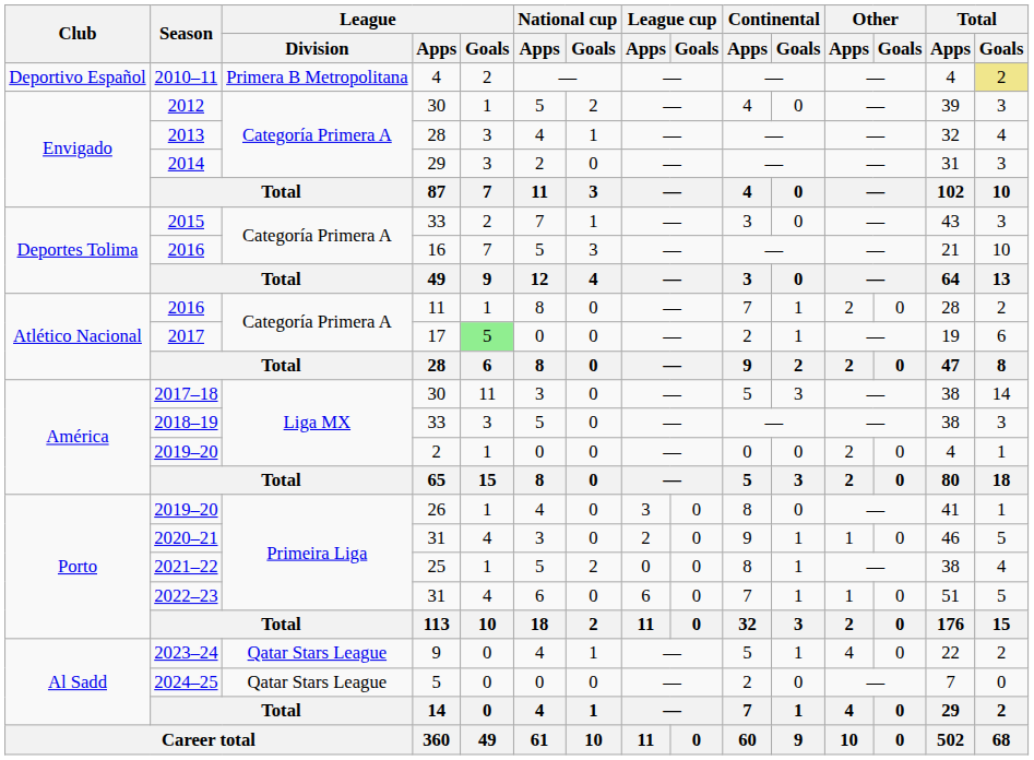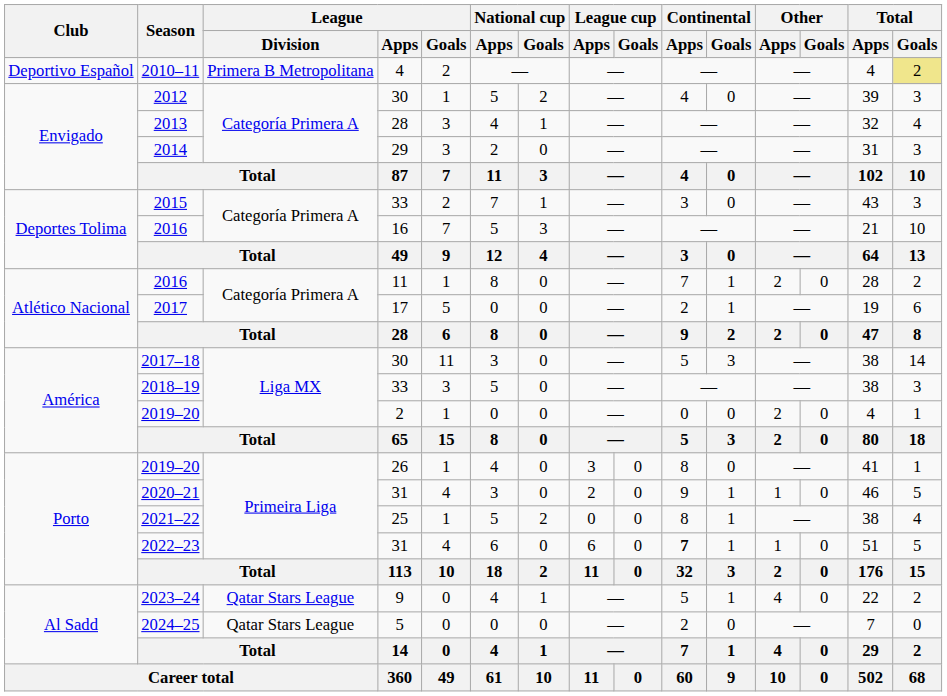 <table class="wikitable" style="text-align:center">
 <tr>
 <th rowspan="2">Club</th>
 <th rowspan="2">Season</th>
 <th colspan="3">League</th>
 <th colspan="2">National cup</th>
 <th colspan="2">League cup</th>
 <th colspan="2">Continental</th>
 <th colspan="2">Other</th>
 <th colspan="2">Total</th>
 </tr>
 <tr>
 <th>Division</th>
 <th>Apps</th>
 <th>Goals</th>
 <th>Apps</th>
 <th>Goals</th>
 <th>Apps</th>
 <th>Goals</th>
 <th>Apps</th>
 <th>Goals</th>
 <th>Apps</th>
 <th>Goals</th>
 <th>Apps</th>
 <th>Goals</th>
 </tr>
 <tr>
 <td><a href='#'>Deportivo Español</a></td>
 <td><a href='#'>2010–11</a></td>
 <td><a href='#'>Primera B Metropolitana</a></td>
 <td>4</td>
 <td>2</td>
 <td colspan="2">—</td>
 <td colspan="2">—</td>
 <td colspan="2">—</td>
 <td colspan="2">—</td>
 <td>4</td>
 <td style="background: khaki;">2</td>
 </tr>
 <tr>
 <td rowspan="4"><a href='#'>Envigado</a></td>
 <td><a href='#'>2012</a></td>
 <td rowspan="3"><a href='#'>Categoría Primera A</a></td>
 <td>30</td>
 <td>1</td>
 <td>5</td>
 <td>2</td>
 <td colspan="2">—</td>
 <td>4</td>
 <td>0</td>
 <td colspan="2">—</td>
 <td>39</td>
 <td>3</td>
 </tr>
 <tr>
 <td><a href='#'>2013</a></td>
 <td>28</td>
 <td>3</td>
 <td>4</td>
 <td>1</td>
 <td colspan="2">—</td>
 <td colspan="2">—</td>
 <td colspan="2">—</td>
 <td>32</td>
 <td>4</td>
 </tr>
 <tr>
 <td><a href='#'>2014</a></td>
 <td>29</td>
 <td>3</td>
 <td>2</td>
 <td>0</td>
 <td colspan="2">—</td>
 <td colspan="2">—</td>
 <td colspan="2">—</td>
 <td>31</td>
 <td>3</td>
 </tr>
 <tr>
 <th colspan="2">Total</th>
 <th>87</th>
 <th>7</th>
 <th>11</th>
 <th>3</th>
 <th colspan="2">—</th>
 <th>4</th>
 <th>0</th>
 <th colspan="2">—</th>
 <th>102</th>
 <th>10</th>
 </tr>
 <tr>
 <td rowspan="3"><a href='#'>Deportes Tolima</a></td>
 <td><a href='#'>2015</a></td>
 <td rowspan="2">Categoría Primera A</td>
 <td>33</td>
 <td>2</td>
 <td>7</td>
 <td>1</td>
 <td colspan="2">—</td>
 <td>3</td>
 <td>0</td>
 <td colspan="2">—</td>
 <td>43</td>
 <td>3</td>
 </tr>
 <tr>
 <td><a href='#'>2016</a></td>
 <td>16</td>
 <td>7</td>
 <td>5</td>
 <td>3</td>
 <td colspan="2">—</td>
 <td colspan="2">—</td>
 <td colspan="2">—</td>
 <td>21</td>
 <td>10</td>
 </tr>
 <tr>
 <th colspan="2">Total</th>
 <th>49</th>
 <th>9</th>
 <th>12</th>
 <th>4</th>
 <th colspan="2">—</th>
 <th>3</th>
 <th>0</th>
 <th colspan="2">—</th>
 <th>64</th>
 <th>13</th>
 </tr>
 <tr>
 <td rowspan="3"><a href='#'>Atlético Nacional</a></td>
 <td><a href='#'>2016</a></td>
 <td rowspan="2">Categoría Primera A</td>
 <td>11</td>
 <td>1</td>
 <td>8</td>
 <td>0</td>
 <td colspan="2">—</td>
 <td>7</td>
 <td>1</td>
 <td>2</td>
 <td>0</td>
 <td>28</td>
 <td>2</td>
 </tr>
 <tr>
 <td><a href='#'>2017</a></td>
 <td>17</td>
-<td style="background: lightgreen;">5</td>
+<td>5</td>
 <td>0</td>
 <td>0</td>
 <td colspan="2">—</td>
 <td>2</td>
 <td>1</td>
 <td colspan="2">—</td>
 <td>19</td>
 <td>6</td>
 </tr>
 <tr>
 <th colspan="2">Total</th>
 <th>28</th>
 <th>6</th>
 <th>8</th>
 <th>0</th>
 <th colspan="2">—</th>
 <th>9</th>
 <th>2</th>
 <th>2</th>
 <th>0</th>
 <th>47</th>
 <th>8</th>
 </tr>
 <tr>
 <td rowspan="4"><a href='#'>América</a></td>
 <td><a href='#'>2017–18</a></td>
 <td rowspan="3"><a href='#'>Liga MX</a></td>
 <td>30</td>
 <td>11</td>
 <td>3</td>
 <td>0</td>
 <td colspan="2">—</td>
 <td>5</td>
 <td>3</td>
 <td colspan="2">—</td>
 <td>38</td>
 <td>14</td>
 </tr>
 <tr>
 <td><a href='#'>2018–19</a></td>
 <td>33</td>
 <td>3</td>
 <td>5</td>
 <td>0</td>
 <td colspan="2">—</td>
 <td colspan="2">—</td>
 <td colspan="2">—</td>
 <td>38</td>
 <td>3</td>
 </tr>
 <tr>
 <td><a href='#'>2019–20</a></td>
 <td>2</td>
 <td>1</td>
 <td>0</td>
 <td>0</td>
 <td colspan="2">—</td>
 <td>0</td>
 <td>0</td>
 <td>2</td>
 <td>0</td>
 <td>4</td>
 <td>1</td>
 </tr>
 <tr>
 <th colspan="2">Total</th>
 <th>65</th>
 <th>15</th>
 <th>8</th>
 <th>0</th>
 <th colspan="2">—</th>
 <th>5</th>
 <th>3</th>
 <th>2</th>
 <th>0</th>
 <th>80</th>
 <th>18</th>
 </tr>
 <tr>
 <td rowspan="5"><a href='#'>Porto</a></td>
 <td><a href='#'>2019–20</a></td>
 <td rowspan="4"><a href='#'>Primeira Liga</a></td>
 <td>26</td>
 <td>1</td>
 <td>4</td>
 <td>0</td>
 <td>3</td>
 <td>0</td>
 <td>8</td>
 <td>0</td>
 <td colspan="2">—</td>
 <td>41</td>
 <td>1</td>
 </tr>
 <tr>
 <td><a href='#'>2020–21</a></td>
 <td>31</td>
 <td>4</td>
 <td>3</td>
 <td>0</td>
 <td>2</td>
 <td>0</td>
 <td>9</td>
 <td>1</td>
 <td>1</td>
 <td>0</td>
 <td>46</td>
 <td>5</td>
 </tr>
 <tr>
 <td><a href='#'>2021–22</a></td>
 <td>25</td>
 <td>1</td>
 <td>5</td>
 <td>2</td>
 <td>0</td>
 <td>0</td>
 <td>8</td>
 <td>1</td>
 <td colspan="2">—</td>
 <td>38</td>
 <td>4</td>
 </tr>
 <tr>
 <td><a href='#'>2022–23</a></td>
 <td>31</td>
 <td>4</td>
 <td>6</td>
 <td>0</td>
 <td>6</td>
 <td>0</td>
-<td>7</td>
+<td><strong>7</strong></td>
 <td>1</td>
 <td>1</td>
 <td>0</td>
 <td>51</td>
 <td>5</td>
 </tr>
 <tr>
 <th colspan="2">Total</th>
 <th>113</th>
 <th>10</th>
 <th>18</th>
 <th>2</th>
 <th>11</th>
 <th>0</th>
 <th>32</th>
 <th>3</th>
 <th>2</th>
 <th>0</th>
 <th>176</th>
 <th>15</th>
 </tr>
 <tr>
 <td rowspan="3"><a href='#'>Al Sadd</a></td>
 <td><a href='#'>2023–24</a></td>
 <td><a href='#'>Qatar Stars League</a></td>
 <td>9</td>
 <td>0</td>
 <td>4</td>
 <td>1</td>
 <td colspan="2">—</td>
 <td>5</td>
 <td>1</td>
 <td>4</td>
 <td>0</td>
 <td>22</td>
 <td>2</td>
 </tr>
 <tr>
 <td><a href='#'>2024–25</a></td>
 <td>Qatar Stars League</td>
 <td>5</td>
 <td>0</td>
 <td>0</td>
 <td>0</td>
 <td colspan="2">—</td>
 <td>2</td>
 <td>0</td>
 <td colspan="2">—</td>
 <td>7</td>
 <td>0</td>
 </tr>
 <tr>
 <th colspan="2">Total</th>
 <th>14</th>
 <th>0</th>
 <th>4</th>
 <th>1</th>
 <th colspan="2">—</th>
 <th>7</th>
 <th>1</th>
 <th>4</th>
 <th>0</th>
 <th>29</th>
 <th>2</th>
 </tr>
 <tr>
 <th colspan="3">Career total</th>
 <th>360</th>
 <th>49</th>
 <th>61</th>
 <th>10</th>
 <th>11</th>
 <th>0</th>
 <th>60</th>
 <th>9</th>
 <th>10</th>
 <th>0</th>
 <th>502</th>
 <th>68</th>
 </tr>
 </table>
